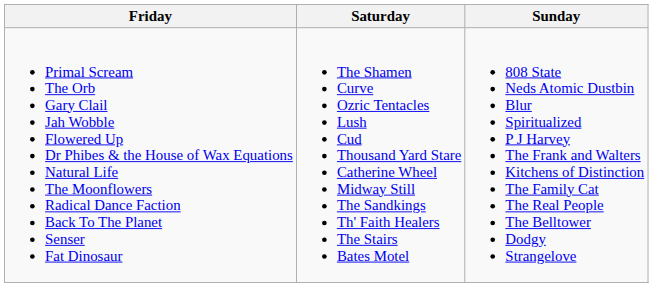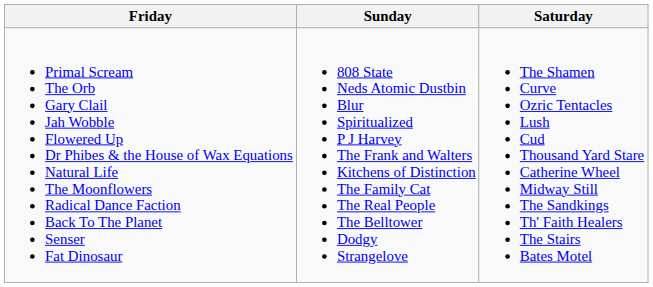 <table class="wikitable">
 <tr>
 <th>Friday</th>
+<th>Sunday</th>
 <th>Saturday</th>
-<th>Sunday</th>
 </tr>
 <tr valign="top">
 <td><br><ul><li><a href='#'>Primal Scream</a></li><li><a href='#'>The Orb</a></li><li><a href='#'>Gary Clail</a></li><li><a href='#'>Jah Wobble</a></li><li><a href='#'>Flowered Up</a></li><li><a href='#'>Dr Phibes & the House of Wax Equations</a></li><li><a href='#'>Natural Life</a></li><li><a href='#'>The Moonflowers</a></li><li><a href='#'>Radical Dance Faction</a></li><li><a href='#'>Back To The Planet</a></li><li><a href='#'>Senser</a></li><li><a href='#'>Fat Dinosaur</a></li></ul></td>
+<td><br><ul><li><a href='#'>808 State</a></li><li><a href='#'>Neds Atomic Dustbin</a></li><li><a href='#'>Blur</a></li><li><a href='#'>Spiritualized</a></li><li><a href='#'>P J Harvey</a></li><li><a href='#'>The Frank and Walters</a></li><li><a href='#'>Kitchens of Distinction</a></li><li><a href='#'>The Family Cat</a></li><li><a href='#'>The Real People</a></li><li><a href='#'>The Belltower</a></li><li><a href='#'>Dodgy</a></li><li><a href='#'>Strangelove</a></li></ul></td>
 <td><br><ul><li><a href='#'>The Shamen</a></li><li><a href='#'>Curve</a></li><li><a href='#'>Ozric Tentacles</a></li><li><a href='#'>Lush</a></li><li><a href='#'>Cud</a></li><li><a href='#'>Thousand Yard Stare</a></li><li><a href='#'>Catherine Wheel</a></li><li><a href='#'>Midway Still</a></li><li><a href='#'>The Sandkings</a></li><li><a href='#'>Th' Faith Healers</a></li><li><a href='#'>The Stairs</a></li><li><a href='#'>Bates Motel</a></li></ul></td>
-<td><br><ul><li><a href='#'>808 State</a></li><li><a href='#'>Neds Atomic Dustbin</a></li><li><a href='#'>Blur</a></li><li><a href='#'>Spiritualized</a></li><li><a href='#'>P J Harvey</a></li><li><a href='#'>The Frank and Walters</a></li><li><a href='#'>Kitchens of Distinction</a></li><li><a href='#'>The Family Cat</a></li><li><a href='#'>The Real People</a></li><li><a href='#'>The Belltower</a></li><li><a href='#'>Dodgy</a></li><li><a href='#'>Strangelove</a></li></ul></td>
 </tr>
 </table>
